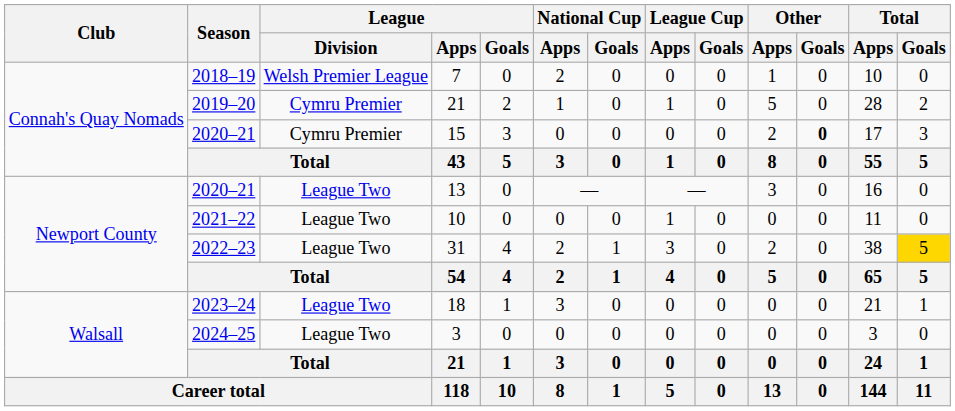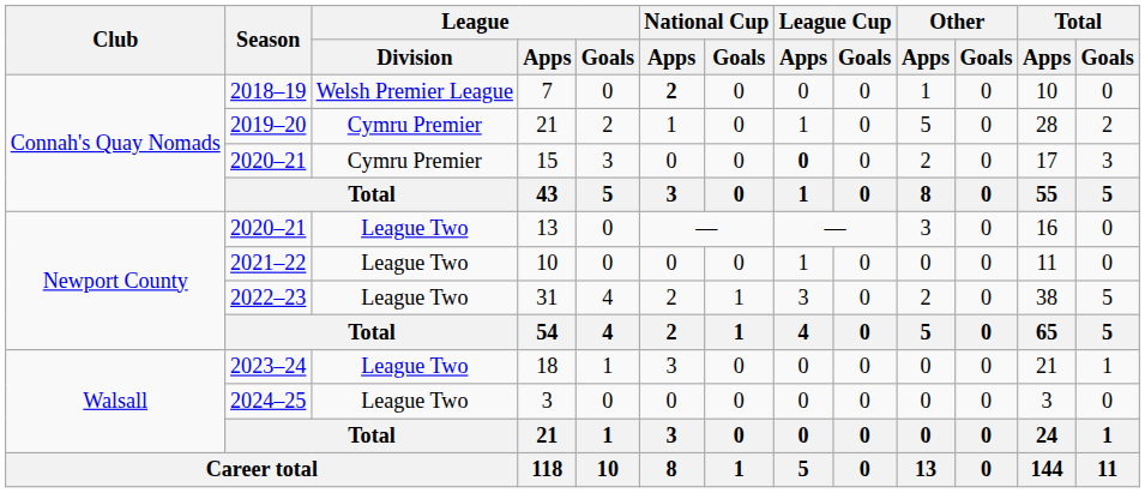 <table class="wikitable" style="text-align: center;">
 <tr>
 <th rowspan="2">Club</th>
 <th rowspan="2">Season</th>
 <th colspan="3">League</th>
 <th colspan="2">National Cup</th>
 <th colspan="2">League Cup</th>
 <th colspan="2">Other</th>
 <th colspan="2">Total</th>
 </tr>
 <tr>
 <th>Division</th>
 <th>Apps</th>
 <th>Goals</th>
 <th>Apps</th>
 <th>Goals</th>
 <th>Apps</th>
 <th>Goals</th>
 <th>Apps</th>
 <th>Goals</th>
 <th>Apps</th>
 <th>Goals</th>
 </tr>
 <tr>
 <td rowspan=4><a href='#'>Connah's Quay Nomads</a></td>
 <td><a href='#'>2018–19</a></td>
 <td><a href='#'>Welsh Premier League</a></td>
 <td>7</td>
 <td>0</td>
-<td>2</td>
+<td><strong>2</strong></td>
 <td>0</td>
 <td>0</td>
 <td>0</td>
 <td>1</td>
 <td>0</td>
 <td>10</td>
 <td>0</td>
 </tr>
 <tr>
 <td><a href='#'>2019–20</a></td>
 <td><a href='#'>Cymru Premier</a></td>
 <td>21</td>
 <td>2</td>
 <td>1</td>
 <td>0</td>
 <td>1</td>
 <td>0</td>
 <td>5</td>
 <td>0</td>
 <td>28</td>
 <td>2</td>
 </tr>
 <tr>
 <td><a href='#'>2020–21</a></td>
 <td>Cymru Premier</td>
 <td>15</td>
 <td>3</td>
 <td>0</td>
 <td>0</td>
-<td>0</td>
+<td><strong>0</strong></td>
 <td>0</td>
 <td>2</td>
-<td><strong>0</strong></td>
+<td>0</td>
 <td>17</td>
 <td>3</td>
 </tr>
 <tr>
 <th colspan=2>Total</th>
 <th>43</th>
 <th>5</th>
 <th>3</th>
 <th>0</th>
 <th>1</th>
 <th>0</th>
 <th>8</th>
 <th>0</th>
 <th>55</th>
 <th>5</th>
 </tr>
 <tr>
 <td rowspan=4><a href='#'>Newport County</a></td>
 <td><a href='#'>2020–21</a></td>
 <td><a href='#'>League Two</a></td>
 <td>13</td>
 <td>0</td>
 <td colspan=2>—</td>
 <td colspan=2>—</td>
 <td>3</td>
 <td>0</td>
 <td>16</td>
 <td>0</td>
 </tr>
 <tr>
 <td><a href='#'>2021–22</a></td>
 <td>League Two</td>
 <td>10</td>
 <td>0</td>
 <td>0</td>
 <td>0</td>
 <td>1</td>
 <td>0</td>
 <td>0</td>
 <td>0</td>
 <td>11</td>
 <td>0</td>
 </tr>
 <tr>
 <td><a href='#'>2022–23</a></td>
 <td>League Two</td>
 <td>31</td>
 <td>4</td>
 <td>2</td>
 <td>1</td>
 <td>3</td>
 <td>0</td>
 <td>2</td>
 <td>0</td>
 <td>38</td>
-<td style="background: gold;">5</td>
+<td>5</td>
 </tr>
 <tr>
 <th colspan=2>Total</th>
 <th>54</th>
 <th>4</th>
 <th>2</th>
 <th>1</th>
 <th>4</th>
 <th>0</th>
 <th>5</th>
 <th>0</th>
 <th>65</th>
 <th>5</th>
 </tr>
 <tr>
 <td rowspan=3><a href='#'>Walsall</a></td>
 <td><a href='#'>2023–24</a></td>
 <td><a href='#'>League Two</a></td>
 <td>18</td>
 <td>1</td>
 <td>3</td>
 <td>0</td>
 <td>0</td>
 <td>0</td>
 <td>0</td>
 <td>0</td>
 <td>21</td>
 <td>1</td>
 </tr>
 <tr>
 <td><a href='#'>2024–25</a></td>
 <td>League Two</td>
 <td>3</td>
 <td>0</td>
 <td>0</td>
 <td>0</td>
 <td>0</td>
 <td>0</td>
 <td>0</td>
 <td>0</td>
 <td>3</td>
 <td>0</td>
 </tr>
 <tr>
 <th colspan=2>Total</th>
 <th>21</th>
 <th>1</th>
 <th>3</th>
 <th>0</th>
 <th>0</th>
 <th>0</th>
 <th>0</th>
 <th>0</th>
 <th>24</th>
 <th>1</th>
 </tr>
 <tr>
 <th colspan="3">Career total</th>
 <th>118</th>
 <th>10</th>
 <th>8</th>
 <th>1</th>
 <th>5</th>
 <th>0</th>
 <th>13</th>
 <th>0</th>
 <th>144</th>
 <th>11</th>
 </tr>
 </table>
